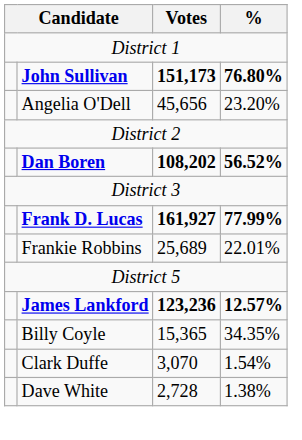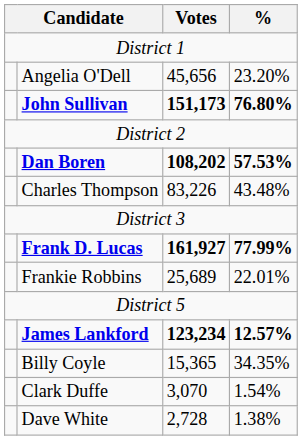 <table class="wikitable">
 <tr>
 <th colspan="2" rowspan="1" align="center" valign="top"><strong>Candidate</strong></th>
 <th valign="top"><strong>Votes</strong></th>
 <th valign="top"><strong>%</strong></th>
 </tr>
 <tr>
 <td colspan="4" align="center"><em>District 1</em></td>
 </tr>
 <tr>
 <td style="background-color:"> </td>
+<td>Angelia O'Dell</td>
+<td>45,656</td>
+<td>23.20%</td>
+</tr>
+<tr>
+<td style="background-color:"> </td>
 <td><strong><a href='#'>John Sullivan</a></strong></td>
 <td><strong>151,173</strong></td>
 <td><strong>76.80%</strong></td>
-</tr>
-<tr>
-<td style="background-color:"> </td>
-<td>Angelia O'Dell</td>
-<td>45,656</td>
-<td>23.20%</td>
 </tr>
 <tr>
 <td colspan="4" align="center"><em>District 2</em></td>
 </tr>
 <tr>
 <td style="background-color:"> </td>
 <td><strong><a href='#'>Dan Boren</a></strong></td>
 <td><strong>108,202</strong></td>
-<td><strong>56.52%</strong></td>
+<td><strong>57.53%</strong></td>
+</tr>
+<tr>
+<td style="background-color:"> </td>
+<td>Charles Thompson</td>
+<td>83,226</td>
+<td>43.48%</td>
 </tr>
 <tr>
 <td colspan="4" align="center"><em>District 3</em></td>
 </tr>
 <tr>
 <td style="background-color:"> </td>
 <td><strong><a href='#'>Frank D. Lucas</a></strong></td>
 <td><strong>161,927</strong></td>
 <td><strong>77.99%</strong></td>
 </tr>
 <tr>
 <td style="background-color:"> </td>
 <td>Frankie Robbins</td>
 <td>25,689</td>
 <td>22.01%</td>
 </tr>
 <tr>
 <td colspan="4" align="center"><em>District 5</em></td>
 </tr>
 <tr>
 <td style="background-color:"> </td>
 <td><strong><a href='#'>James Lankford</a></strong></td>
-<td><strong>123,236</strong></td>
+<td><strong>123,234</strong></td>
 <td><strong>12.57%</strong></td>
 </tr>
 <tr>
 <td style="background-color:"> </td>
 <td>Billy Coyle</td>
 <td>15,365</td>
 <td>34.35%</td>
 </tr>
 <tr>
 <td style="background-color:"> </td>
 <td>Clark Duffe</td>
 <td>3,070</td>
 <td>1.54%</td>
 </tr>
 <tr>
 <td style="background-color:"> </td>
 <td>Dave White</td>
 <td>2,728</td>
 <td>1.38%</td>
 </tr>
 </table>
